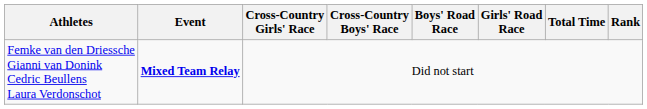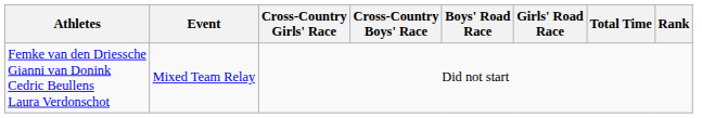 <table class="wikitable" style="font-size:90%;">
 <tr>
 <th>Athletes</th>
 <th>Event</th>
 <th>Cross-Country<br>Girls' Race</th>
 <th>Cross-Country<br>Boys' Race</th>
 <th>Boys' Road<br>Race</th>
 <th>Girls' Road<br>Race</th>
 <th>Total Time</th>
 <th>Rank</th>
 </tr>
 <tr align=center>
 <td align=left><a href='#'>Femke van den Driessche</a><br><a href='#'>Gianni van Donink</a><br><a href='#'>Cedric Beullens</a><br><a href='#'>Laura Verdonschot</a></td>
-<td align=left><strong><a href='#'>Mixed Team Relay</a></strong></td>
+<td align=left><a href='#'>Mixed Team Relay</a></td>
 <td colspan=6>Did not start</td>
 </tr>
 </table>
